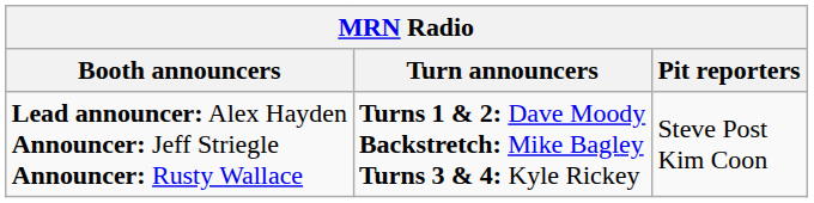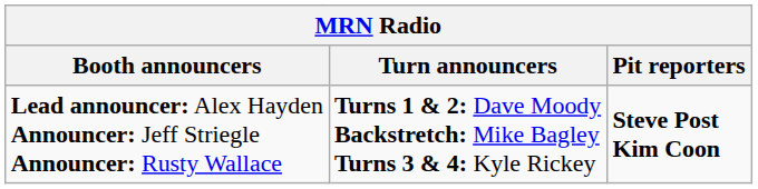 <table class="wikitable" style="font-size: 95%;">
 <tr>
 <th colspan="3"><a href='#'>MRN</a> Radio</th>
 </tr>
 <tr>
 <th>Booth announcers</th>
 <th>Turn announcers</th>
 <th>Pit reporters</th>
 </tr>
 <tr>
 <td><strong>Lead announcer:</strong> Alex Hayden<br><strong>Announcer:</strong> Jeff Striegle<br><strong>Announcer:</strong> <a href='#'>Rusty Wallace</a></td>
 <td><strong>Turns 1 & 2:</strong> <a href='#'>Dave Moody</a><br><strong>Backstretch:</strong> <a href='#'>Mike Bagley</a><br><strong>Turns 3 & 4:</strong> Kyle Rickey</td>
-<td>Steve Post<br>Kim Coon</td>
+<td><strong>Steve Post<br>Kim Coon</strong></td>
 </tr>
 </table>
